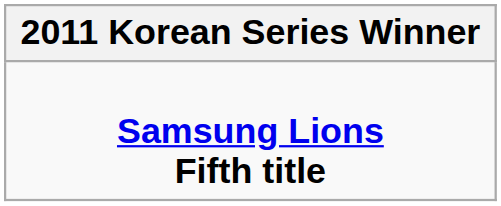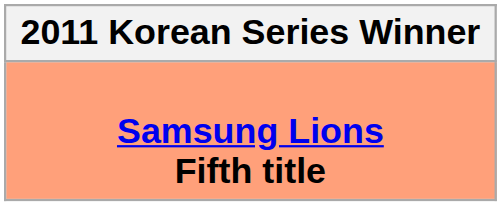 <table width="220" class="wikitable">
 <tr>
 <th><strong>2011 Korean Series Winner</strong></th>
 </tr>
 <tr align="center">
-<td><br><strong><a href='#'>Samsung Lions</a></strong><br><strong>Fifth title</strong></td>
+<td style="background: lightsalmon;"><br><strong><a href='#'>Samsung Lions</a></strong><br><strong>Fifth title</strong></td>
 </tr>
 </table>
